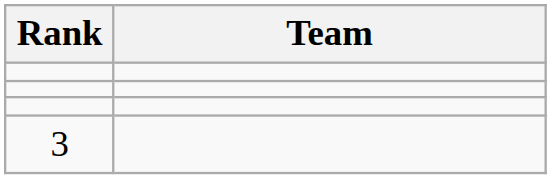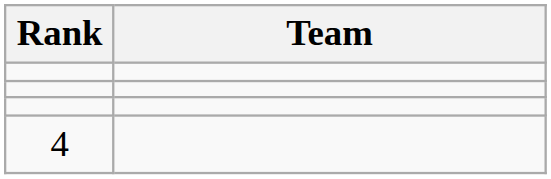 <table class="wikitable" style="text-align: center;">
 <tr>
 <th width=40>Rank</th>
 <th width=180>Team</th>
 </tr>
 <tr>
 <td></td>
 <td align="left"></td>
 </tr>
 <tr>
 <td></td>
 <td align="left"></td>
 </tr>
 <tr>
 <td></td>
 <td align="left"></td>
 </tr>
 <tr>
-<td>3</td>
+<td>4</td>
 <td align="left"></td>
 </tr>
 </table>
